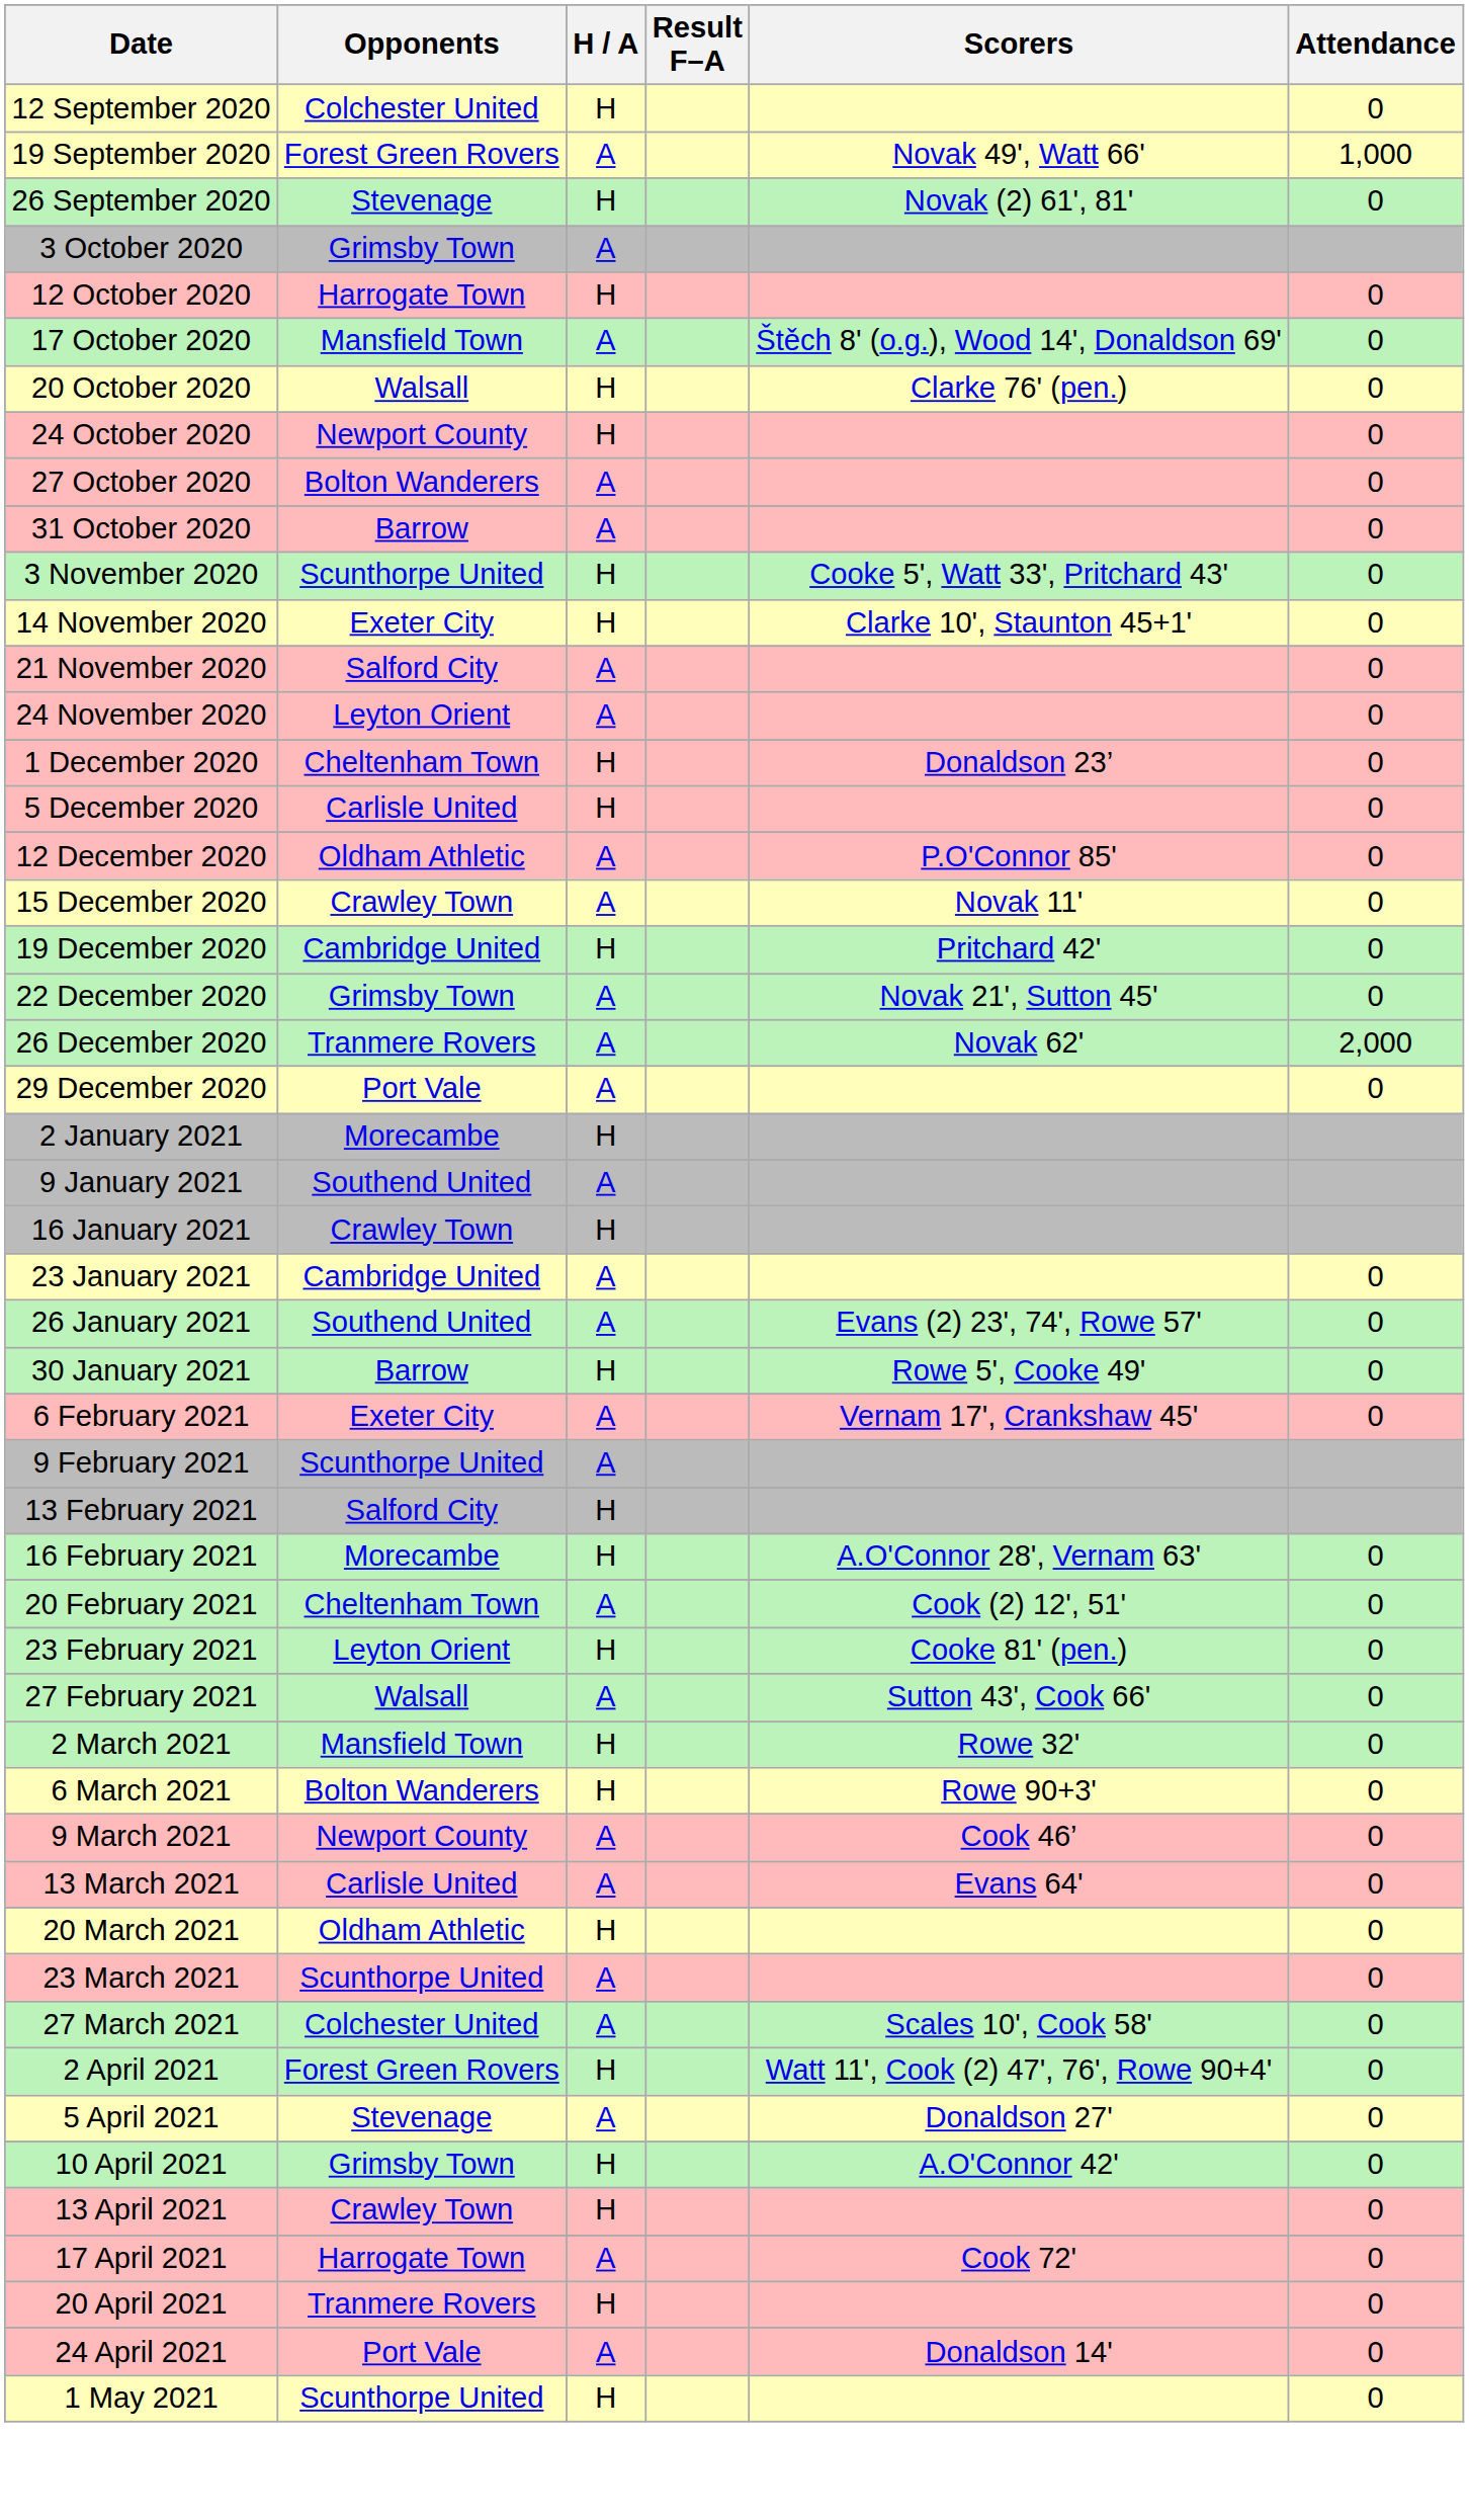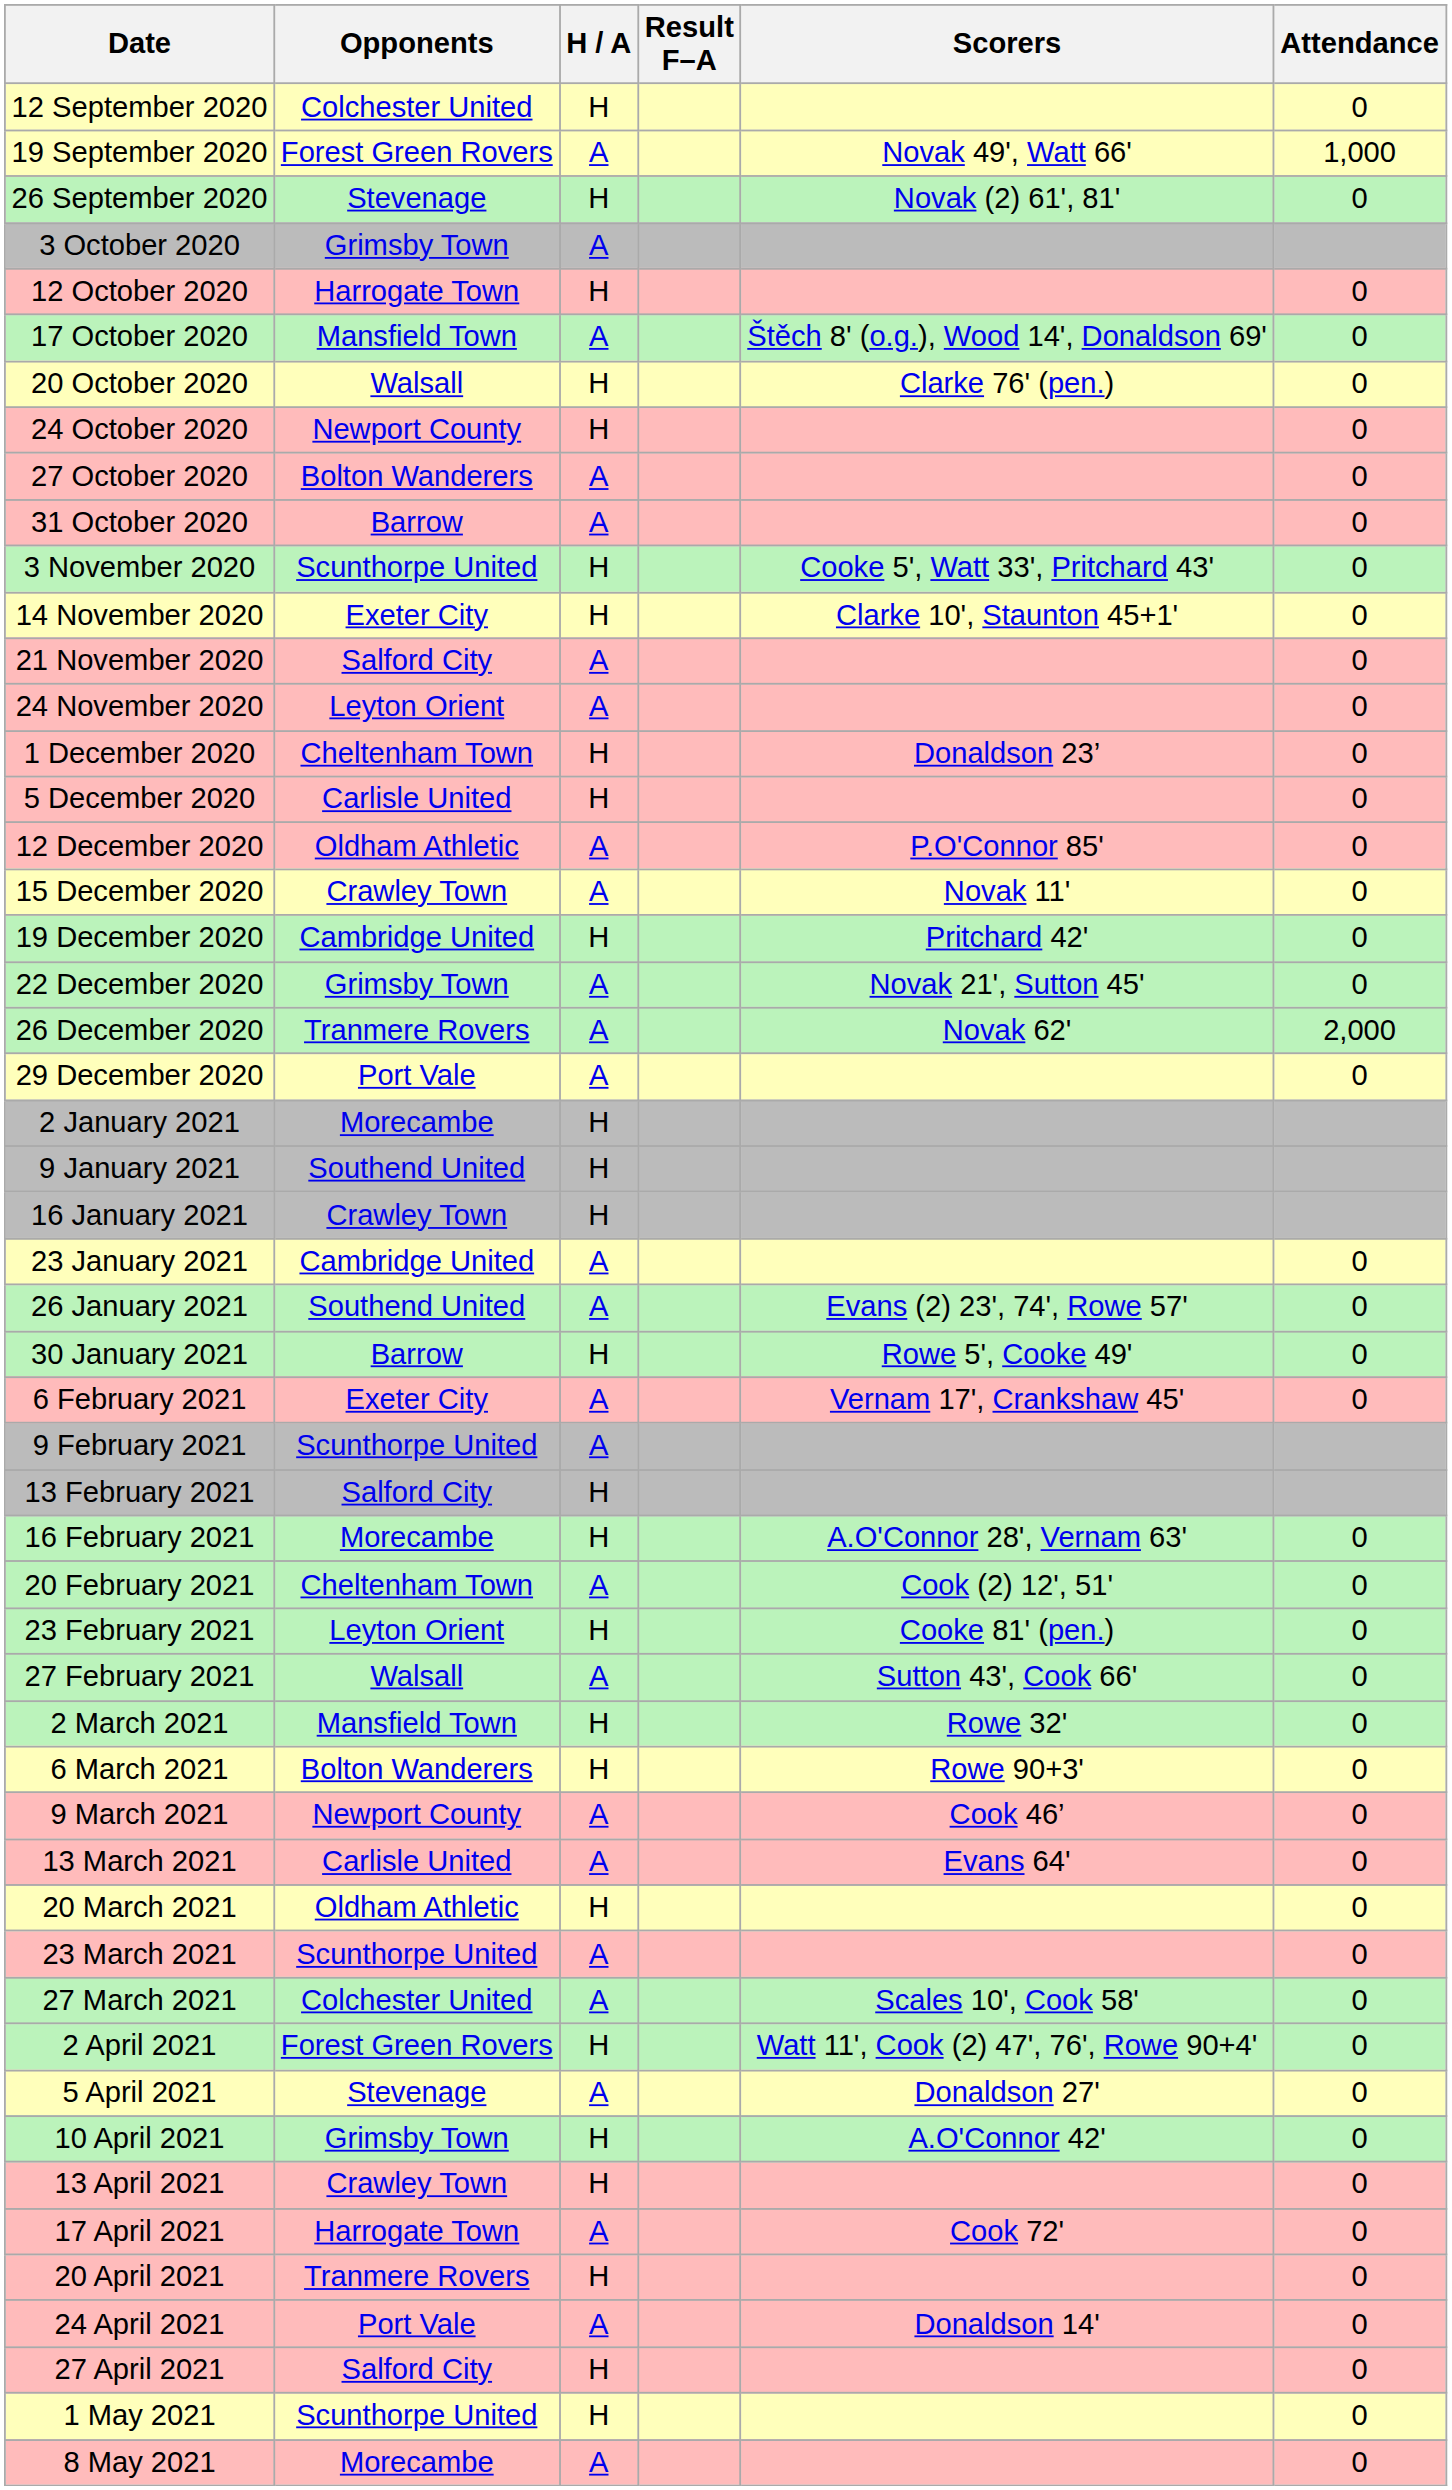 <table class="wikitable" style="text-align:center">
 <tr>
 <th>Date</th>
 <th>Opponents</th>
 <th>H / A</th>
 <th>Result<br>F–A</th>
 <th>Scorers</th>
 <th>Attendance</th>
 </tr>
 <tr bgcolor="#FFFFBB">
 <td>12 September 2020</td>
 <td><a href='#'>Colchester United</a></td>
 <td>H</td>
 <td></td>
 <td></td>
 <td>0</td>
 </tr>
 <tr bgcolor="#FFFFBB">
 <td>19 September 2020</td>
 <td><a href='#'>Forest Green Rovers</a></td>
 <td><a href='#'>A</a></td>
 <td></td>
 <td><a href='#'>Novak</a> 49', <a href='#'>Watt</a> 66'</td>
 <td>1,000</td>
 </tr>
 <tr bgcolor="#BBF3BB">
 <td>26 September 2020</td>
 <td><a href='#'>Stevenage</a></td>
 <td>H</td>
 <td></td>
 <td><a href='#'>Novak</a> (2) 61', 81'</td>
 <td>0</td>
 </tr>
 <tr bgcolor="#BBBBBB">
 <td>3 October 2020</td>
 <td><a href='#'>Grimsby Town</a></td>
 <td><a href='#'>A</a></td>
 <td></td>
 <td></td>
 <td></td>
 </tr>
 <tr bgcolor="#FFBBBB">
 <td>12 October 2020</td>
 <td><a href='#'>Harrogate Town</a></td>
 <td>H</td>
 <td></td>
 <td></td>
 <td>0</td>
 </tr>
 <tr bgcolor="#BBF3BB">
 <td>17 October 2020</td>
 <td><a href='#'>Mansfield Town</a></td>
 <td><a href='#'>A</a></td>
 <td></td>
 <td><a href='#'>Štěch</a> 8' (<a href='#'>o.g.</a>), <a href='#'>Wood</a> 14', <a href='#'>Donaldson</a> 69'</td>
 <td>0</td>
 </tr>
 <tr bgcolor="#FFFFBB">
 <td>20 October 2020</td>
 <td><a href='#'>Walsall</a></td>
 <td>H</td>
 <td></td>
 <td><a href='#'>Clarke</a> 76' (<a href='#'>pen.</a>)</td>
 <td>0</td>
 </tr>
 <tr bgcolor="#FFBBBB">
 <td>24 October 2020</td>
 <td><a href='#'>Newport County</a></td>
 <td>H</td>
 <td></td>
 <td></td>
 <td>0</td>
 </tr>
 <tr bgcolor="#FFBBBB">
 <td>27 October 2020</td>
 <td><a href='#'>Bolton Wanderers</a></td>
 <td><a href='#'>A</a></td>
 <td></td>
 <td></td>
 <td>0</td>
 </tr>
 <tr bgcolor="#FFBBBB">
 <td>31 October 2020</td>
 <td><a href='#'>Barrow</a></td>
 <td><a href='#'>A</a></td>
 <td></td>
 <td></td>
 <td>0</td>
 </tr>
 <tr bgcolor="#BBF3BB">
 <td>3 November 2020</td>
 <td><a href='#'>Scunthorpe United</a></td>
 <td>H</td>
 <td></td>
 <td><a href='#'>Cooke</a> 5', <a href='#'>Watt</a> 33', <a href='#'>Pritchard</a> 43'</td>
 <td>0</td>
 </tr>
 <tr bgcolor="#FFFFBB">
 <td>14 November 2020</td>
 <td><a href='#'>Exeter City</a></td>
 <td>H</td>
 <td></td>
 <td><a href='#'>Clarke</a> 10', <a href='#'>Staunton</a> 45+1'</td>
 <td>0</td>
 </tr>
 <tr bgcolor="#FFBBBB">
 <td>21 November 2020</td>
 <td><a href='#'>Salford City</a></td>
 <td><a href='#'>A</a></td>
 <td></td>
 <td></td>
 <td>0</td>
 </tr>
 <tr bgcolor="#FFBBBB">
 <td>24 November 2020</td>
 <td><a href='#'>Leyton Orient</a></td>
 <td><a href='#'>A</a></td>
 <td></td>
 <td></td>
 <td>0</td>
 </tr>
 <tr bgcolor="#FFBBBB">
 <td>1 December 2020</td>
 <td><a href='#'>Cheltenham Town</a></td>
 <td>H</td>
 <td></td>
 <td><a href='#'>Donaldson</a> 23’</td>
 <td>0</td>
 </tr>
 <tr bgcolor="#FFBBBB">
 <td>5 December 2020</td>
 <td><a href='#'>Carlisle United</a></td>
 <td>H</td>
 <td></td>
 <td></td>
 <td>0</td>
 </tr>
 <tr bgcolor="#FFBBBB">
 <td>12 December 2020</td>
 <td><a href='#'>Oldham Athletic</a></td>
 <td><a href='#'>A</a></td>
 <td></td>
 <td><a href='#'>P.O'Connor</a> 85'</td>
 <td>0</td>
 </tr>
 <tr bgcolor="#FFFFBB">
 <td>15 December 2020</td>
 <td><a href='#'>Crawley Town</a></td>
 <td><a href='#'>A</a></td>
 <td></td>
 <td><a href='#'>Novak</a> 11'</td>
 <td>0</td>
 </tr>
 <tr bgcolor="#BBF3BB">
 <td>19 December 2020</td>
 <td><a href='#'>Cambridge United</a></td>
 <td>H</td>
 <td></td>
 <td><a href='#'>Pritchard</a> 42'</td>
 <td>0</td>
 </tr>
 <tr bgcolor="#BBF3BB">
 <td>22 December 2020</td>
 <td><a href='#'>Grimsby Town</a></td>
 <td><a href='#'>A</a></td>
 <td></td>
 <td><a href='#'>Novak</a> 21', <a href='#'>Sutton</a> 45'</td>
 <td>0</td>
 </tr>
 <tr bgcolor="#BBF3BB">
 <td>26 December 2020</td>
 <td><a href='#'>Tranmere Rovers</a></td>
 <td><a href='#'>A</a></td>
 <td></td>
 <td><a href='#'>Novak</a> 62'</td>
 <td>2,000</td>
 </tr>
 <tr bgcolor="#FFFFBB">
 <td>29 December 2020</td>
 <td><a href='#'>Port Vale</a></td>
 <td><a href='#'>A</a></td>
 <td></td>
 <td></td>
 <td>0</td>
 </tr>
 <tr bgcolor="#BBBBBB">
 <td>2 January 2021</td>
 <td><a href='#'>Morecambe</a></td>
 <td>H</td>
 <td></td>
 <td></td>
 <td></td>
 </tr>
 <tr bgcolor="#BBBBBB">
 <td>9 January 2021</td>
 <td><a href='#'>Southend United</a></td>
-<td><a href='#'>A</a></td>
+<td>H</td>
 <td></td>
 <td></td>
 <td></td>
 </tr>
 <tr bgcolor="#BBBBBB">
 <td>16 January 2021</td>
 <td><a href='#'>Crawley Town</a></td>
 <td>H</td>
 <td></td>
 <td></td>
 <td></td>
 </tr>
 <tr bgcolor="#FFFFBB">
 <td>23 January 2021</td>
 <td><a href='#'>Cambridge United</a></td>
 <td><a href='#'>A</a></td>
 <td></td>
 <td></td>
 <td>0</td>
 </tr>
 <tr bgcolor="#BBF3BB">
 <td>26 January 2021</td>
 <td><a href='#'>Southend United</a></td>
 <td><a href='#'>A</a></td>
 <td></td>
 <td><a href='#'>Evans</a> (2) 23', 74', <a href='#'>Rowe</a> 57'</td>
 <td>0</td>
 </tr>
 <tr bgcolor="#BBF3BB">
 <td>30 January 2021</td>
 <td><a href='#'>Barrow</a></td>
 <td>H</td>
 <td></td>
 <td><a href='#'>Rowe</a> 5', <a href='#'>Cooke</a> 49'</td>
 <td>0</td>
 </tr>
 <tr bgcolor="#FFBBBB">
 <td>6 February 2021</td>
 <td><a href='#'>Exeter City</a></td>
 <td><a href='#'>A</a></td>
 <td></td>
 <td><a href='#'>Vernam</a> 17', <a href='#'>Crankshaw</a> 45'</td>
 <td>0</td>
 </tr>
 <tr bgcolor="#BBBBBB">
 <td>9 February 2021</td>
 <td><a href='#'>Scunthorpe United</a></td>
 <td><a href='#'>A</a></td>
 <td></td>
 <td></td>
 <td></td>
 </tr>
 <tr bgcolor="#BBBBBB">
 <td>13 February 2021</td>
 <td><a href='#'>Salford City</a></td>
 <td>H</td>
 <td></td>
 <td></td>
 <td></td>
 </tr>
 <tr bgcolor="#BBF3BB">
 <td>16 February 2021</td>
 <td><a href='#'>Morecambe</a></td>
 <td>H</td>
 <td></td>
 <td><a href='#'>A.O'Connor</a> 28', <a href='#'>Vernam</a> 63'</td>
 <td>0</td>
 </tr>
 <tr bgcolor="#BBF3BB">
 <td>20 February 2021</td>
 <td><a href='#'>Cheltenham Town</a></td>
 <td><a href='#'>A</a></td>
 <td></td>
 <td><a href='#'>Cook</a> (2) 12', 51'</td>
 <td>0</td>
 </tr>
 <tr bgcolor="#BBF3BB">
 <td>23 February 2021</td>
 <td><a href='#'>Leyton Orient</a></td>
 <td>H</td>
 <td></td>
 <td><a href='#'>Cooke</a> 81' (<a href='#'>pen.</a>)</td>
 <td>0</td>
 </tr>
 <tr bgcolor="#BBF3BB">
 <td>27 February 2021</td>
 <td><a href='#'>Walsall</a></td>
 <td><a href='#'>A</a></td>
 <td></td>
 <td><a href='#'>Sutton</a> 43', <a href='#'>Cook</a> 66'</td>
 <td>0</td>
 </tr>
 <tr bgcolor="#BBF3BB">
 <td>2 March 2021</td>
 <td><a href='#'>Mansfield Town</a></td>
 <td>H</td>
 <td></td>
 <td><a href='#'>Rowe</a> 32'</td>
 <td>0</td>
 </tr>
 <tr bgcolor="#FFFFBB">
 <td>6 March 2021</td>
 <td><a href='#'>Bolton Wanderers</a></td>
 <td>H</td>
 <td></td>
 <td><a href='#'>Rowe</a> 90+3'</td>
 <td>0</td>
 </tr>
 <tr bgcolor="#FFBBBB">
 <td>9 March 2021</td>
 <td><a href='#'>Newport County</a></td>
 <td><a href='#'>A</a></td>
 <td></td>
 <td><a href='#'>Cook</a> 46’</td>
 <td>0</td>
 </tr>
 <tr bgcolor="#FFBBBB">
 <td>13 March 2021</td>
 <td><a href='#'>Carlisle United</a></td>
 <td><a href='#'>A</a></td>
 <td></td>
 <td><a href='#'>Evans</a> 64'</td>
 <td>0</td>
 </tr>
 <tr bgcolor="#FFFFBB">
 <td>20 March 2021</td>
 <td><a href='#'>Oldham Athletic</a></td>
 <td>H</td>
 <td></td>
 <td></td>
 <td>0</td>
 </tr>
 <tr bgcolor="#FFBBBB">
 <td>23 March 2021</td>
 <td><a href='#'>Scunthorpe United</a></td>
 <td><a href='#'>A</a></td>
 <td></td>
 <td></td>
 <td>0</td>
 </tr>
 <tr bgcolor="#BBF3BB">
 <td>27 March 2021</td>
 <td><a href='#'>Colchester United</a></td>
 <td><a href='#'>A</a></td>
 <td></td>
 <td><a href='#'>Scales</a> 10', <a href='#'>Cook</a> 58'</td>
 <td>0</td>
 </tr>
 <tr bgcolor="#BBF3BB">
 <td>2 April 2021</td>
 <td><a href='#'>Forest Green Rovers</a></td>
 <td>H</td>
 <td></td>
 <td><a href='#'>Watt</a> 11', <a href='#'>Cook</a> (2) 47', 76', <a href='#'>Rowe</a> 90+4'</td>
 <td>0</td>
 </tr>
 <tr bgcolor="#FFFFBB">
 <td>5 April 2021</td>
 <td><a href='#'>Stevenage</a></td>
 <td><a href='#'>A</a></td>
 <td></td>
 <td><a href='#'>Donaldson</a> 27'</td>
 <td>0</td>
 </tr>
 <tr bgcolor="#BBF3BB">
 <td>10 April 2021</td>
 <td><a href='#'>Grimsby Town</a></td>
 <td>H</td>
 <td></td>
 <td><a href='#'>A.O'Connor</a> 42'</td>
 <td>0</td>
 </tr>
 <tr bgcolor="#FFBBBB">
 <td>13 April 2021</td>
 <td><a href='#'>Crawley Town</a></td>
 <td>H</td>
 <td></td>
 <td></td>
 <td>0</td>
 </tr>
 <tr bgcolor="#FFBBBB">
 <td>17 April 2021</td>
 <td><a href='#'>Harrogate Town</a></td>
 <td><a href='#'>A</a></td>
 <td></td>
 <td><a href='#'>Cook</a> 72'</td>
 <td>0</td>
 </tr>
 <tr bgcolor="#FFBBBB">
 <td>20 April 2021</td>
 <td><a href='#'>Tranmere Rovers</a></td>
 <td>H</td>
 <td></td>
 <td></td>
 <td>0</td>
 </tr>
 <tr bgcolor="#FFBBBB">
 <td>24 April 2021</td>
 <td><a href='#'>Port Vale</a></td>
 <td><a href='#'>A</a></td>
 <td></td>
 <td><a href='#'>Donaldson</a> 14'</td>
 <td>0</td>
 </tr>
+<tr bgcolor="#FFBBBB">
+<td>27 April 2021</td>
+<td><a href='#'>Salford City</a></td>
+<td>H</td>
+<td></td>
+<td></td>
+<td>0</td>
+</tr>
 <tr bgcolor="#FFFFBb">
 <td>1 May 2021</td>
 <td><a href='#'>Scunthorpe United</a></td>
 <td>H</td>
 <td></td>
 <td></td>
 <td>0</td>
 </tr>
+<tr bgcolor="#FFBBBB">
+<td>8 May 2021</td>
+<td><a href='#'>Morecambe</a></td>
+<td><a href='#'>A</a></td>
+<td></td>
+<td></td>
+<td>0</td>
+</tr>
 </table>
